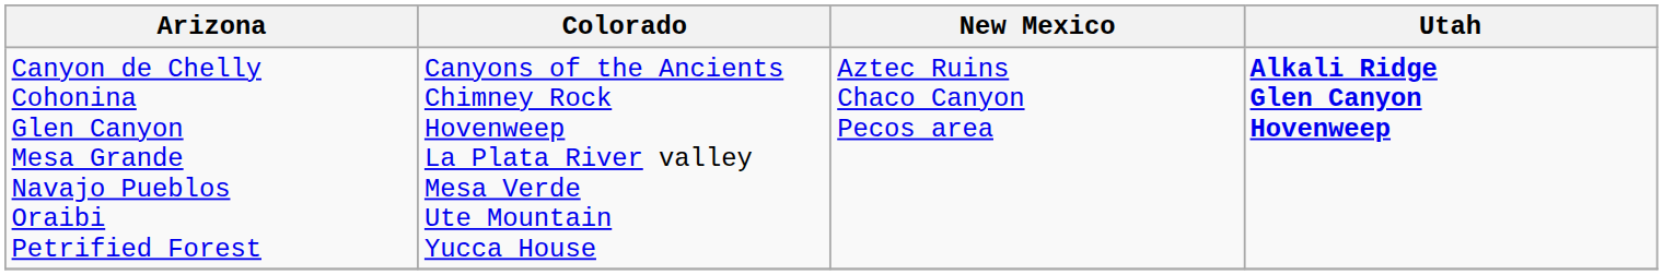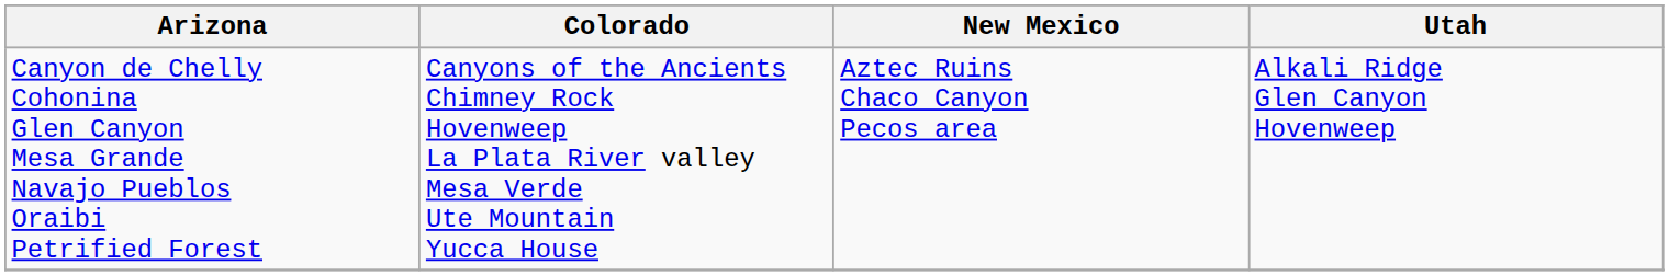 <table class="wikitable">
 <tr>
 <th scope="col"  width="200px">Arizona</th>
 <th scope="col"  width="200px">Colorado</th>
 <th scope="col"  width="200px">New Mexico</th>
 <th scope="col"  width="200px">Utah</th>
 </tr>
 <tr valign="top">
 <td><a href='#'>Canyon de Chelly</a><br><a href='#'>Cohonina</a><br><a href='#'>Glen Canyon</a><br><a href='#'>Mesa Grande</a><br><a href='#'>Navajo Pueblos</a><br><a href='#'>Oraibi</a><br><a href='#'>Petrified Forest</a></td>
 <td><a href='#'>Canyons of the Ancients</a><br><a href='#'>Chimney Rock</a><br><a href='#'>Hovenweep</a><br><a href='#'>La Plata River</a> valley<br><a href='#'>Mesa Verde</a><br><a href='#'>Ute Mountain</a><br><a href='#'>Yucca House</a></td>
 <td><a href='#'>Aztec Ruins</a><br><a href='#'>Chaco Canyon</a><br><a href='#'>Pecos area</a></td>
-<td><strong><a href='#'>Alkali Ridge</a><br><a href='#'>Glen Canyon</a><br><a href='#'>Hovenweep</a></strong></td>
+<td><a href='#'>Alkali Ridge</a><br><a href='#'>Glen Canyon</a><br><a href='#'>Hovenweep</a></td>
 </tr>
 <tr>
 </tr>
 </table>
